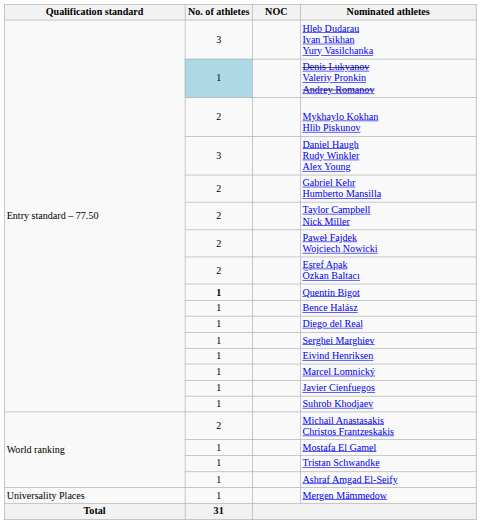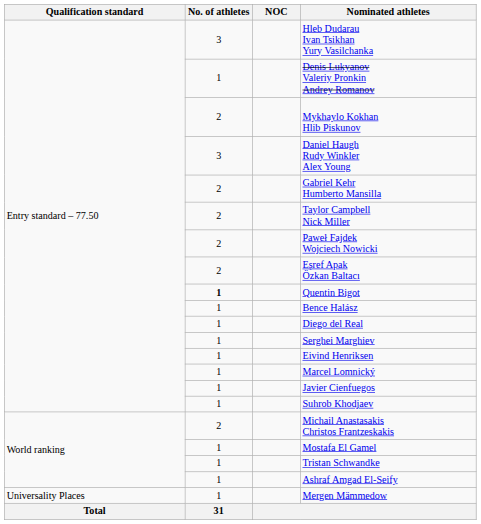 <table class="wikitable" style="text-align:left; width:750px;">
 <tr>
 <th>Qualification standard</th>
 <th width=100>No. of athletes</th>
 <th>NOC</th>
 <th>Nominated athletes</th>
 </tr>
 <tr>
 <td rowspan=16>Entry standard – 77.50</td>
 <td align=center>3</td>
 <td></td>
 <td><a href='#'>Hleb Dudarau</a><br><a href='#'>Ivan Tsikhan</a><br><a href='#'>Yury Vasilchanka</a></td>
 </tr>
 <tr>
-<td align=center style="background: lightblue;">1</td>
+<td align=center>1</td>
 <td></td>
 <td><s><a href='#'>Denis Lukyanov</a></s><br><a href='#'>Valeriy Pronkin</a><br> <s><a href='#'>Andrey Romanov</a></s></td>
 </tr>
 <tr>
 <td align=center>2</td>
 <td></td>
 <td><s></s><br><a href='#'>Mykhaylo Kokhan</a><br><a href='#'>Hlib Piskunov</a></td>
 </tr>
 <tr>
 <td align=center>3</td>
 <td></td>
 <td><a href='#'>Daniel Haugh</a><br><a href='#'>Rudy Winkler</a><br><a href='#'>Alex Young</a></td>
 </tr>
 <tr>
 <td align=center>2</td>
 <td></td>
 <td><a href='#'>Gabriel Kehr</a><br><a href='#'>Humberto Mansilla</a></td>
 </tr>
 <tr>
 <td align=center>2</td>
 <td></td>
 <td><a href='#'>Taylor Campbell</a><br><a href='#'>Nick Miller</a></td>
 </tr>
 <tr>
 <td align=center>2</td>
 <td></td>
 <td><a href='#'>Paweł Fajdek</a><br><a href='#'>Wojciech Nowicki</a></td>
 </tr>
 <tr>
 <td align=center>2</td>
 <td></td>
 <td><a href='#'>Eşref Apak</a><br><a href='#'>Özkan Baltacı</a></td>
 </tr>
 <tr>
 <td align=center><strong>1</strong></td>
 <td></td>
 <td><a href='#'>Quentin Bigot</a></td>
 </tr>
 <tr>
 <td align=center>1</td>
 <td></td>
 <td><a href='#'>Bence Halász</a></td>
 </tr>
 <tr>
 <td align=center>1</td>
 <td></td>
 <td><a href='#'>Diego del Real</a></td>
 </tr>
 <tr>
 <td align=center>1</td>
 <td></td>
 <td><a href='#'>Serghei Marghiev</a></td>
 </tr>
 <tr>
 <td align=center>1</td>
 <td></td>
 <td><a href='#'>Eivind Henriksen</a></td>
 </tr>
 <tr>
 <td align=center>1</td>
 <td></td>
 <td><a href='#'>Marcel Lomnický</a></td>
 </tr>
 <tr>
 <td align=center>1</td>
 <td></td>
 <td><a href='#'>Javier Cienfuegos</a></td>
 </tr>
 <tr>
 <td align=center>1</td>
 <td></td>
 <td><a href='#'>Suhrob Khodjaev</a></td>
 </tr>
 <tr>
 <td rowspan=4>World ranking</td>
 <td align=center>2</td>
 <td></td>
 <td><a href='#'>Michail Anastasakis</a><br><a href='#'>Christos Frantzeskakis</a></td>
 </tr>
 <tr>
 <td align=center>1</td>
 <td></td>
 <td><a href='#'>Mostafa El Gamel</a></td>
 </tr>
 <tr>
 <td align=center>1</td>
 <td></td>
 <td><a href='#'>Tristan Schwandke</a></td>
 </tr>
 <tr>
 <td align=center>1</td>
 <td></td>
 <td><a href='#'>Ashraf Amgad El-Seify</a></td>
 </tr>
 <tr>
 <td>Universality Places</td>
 <td align=center>1</td>
 <td></td>
 <td><a href='#'>Mergen Mämmedow</a></td>
 </tr>
 <tr>
 <th>Total</th>
 <th>31</th>
 <th colspan=2></th>
 </tr>
 </table>
